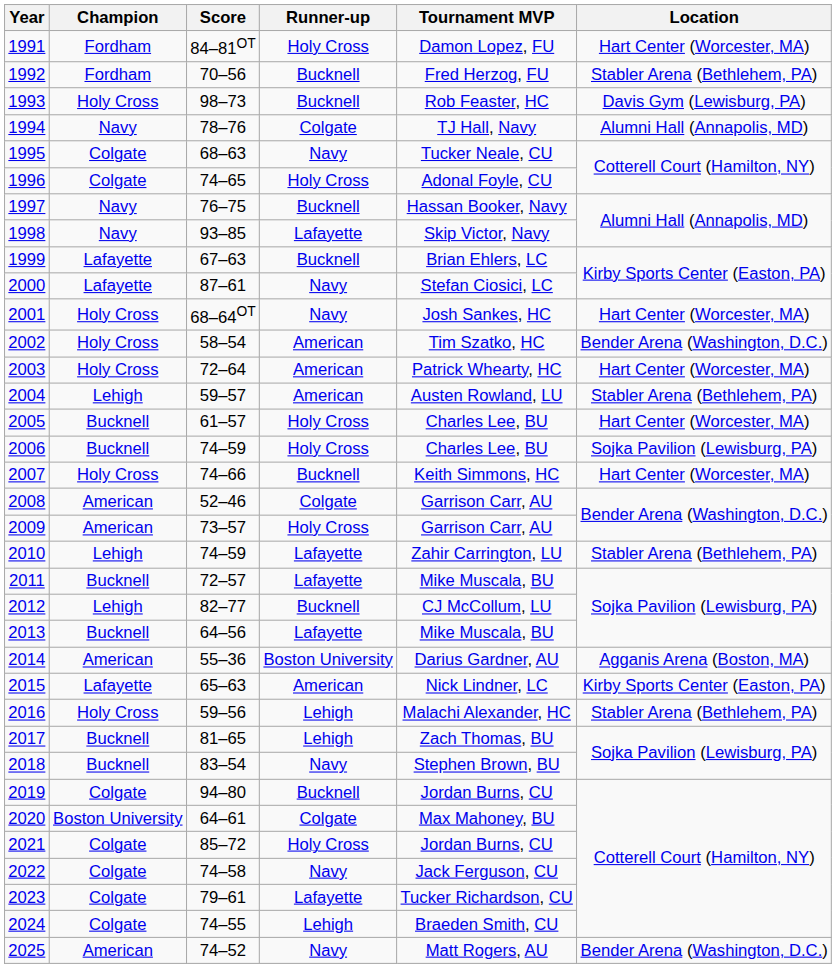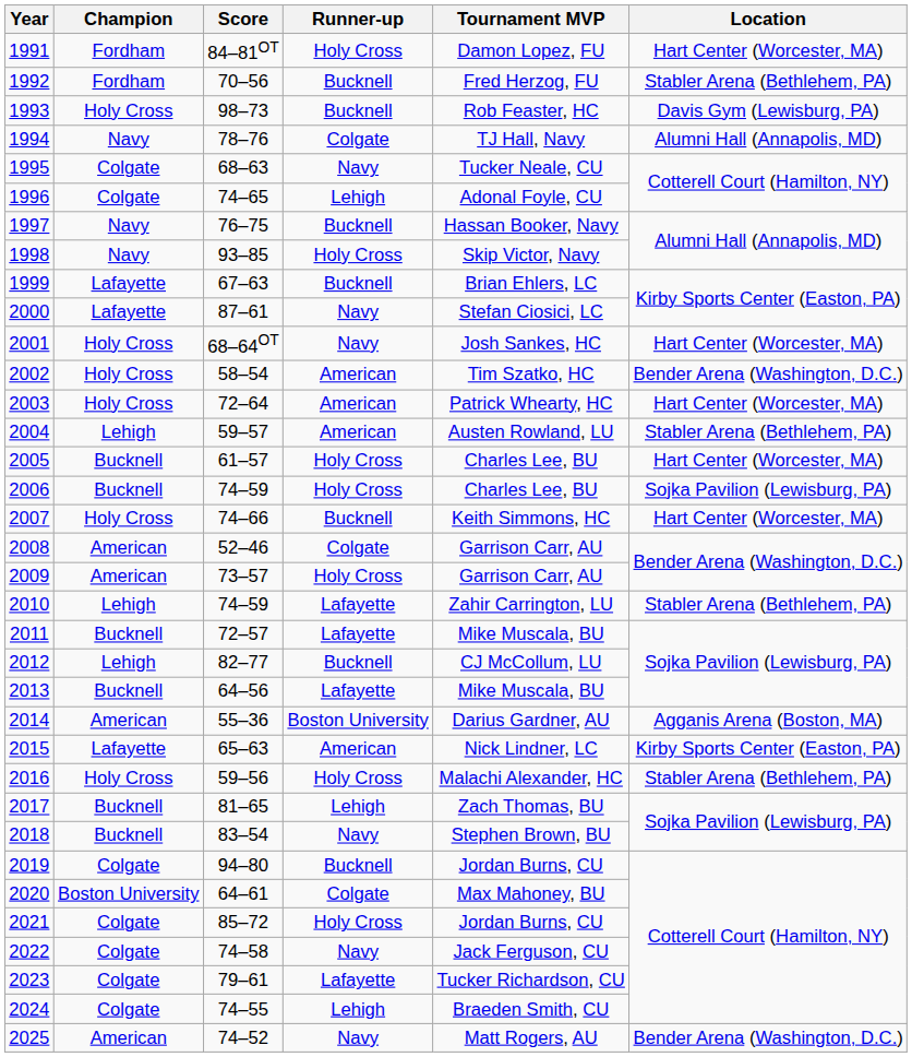 <table class="wikitable sortable" style="text-align:center">
 <tr>
 <th width=px>Year</th>
 <th width=px>Champion</th>
 <th width=px>Score</th>
 <th width=px>Runner-up</th>
 <th width=px>Tournament MVP</th>
 <th width=px>Location</th>
 </tr>
 <tr>
 <td><a href='#'>1991</a></td>
 <td><a href='#'>Fordham</a></td>
 <td>84–81<sup>OT</sup></td>
 <td><a href='#'>Holy Cross</a></td>
 <td><a href='#'>Damon Lopez</a>, <a href='#'>FU</a></td>
 <td><a href='#'>Hart Center</a> (<a href='#'>Worcester, MA</a>)</td>
 </tr>
 <tr>
 <td><a href='#'>1992</a></td>
 <td><a href='#'>Fordham</a></td>
 <td>70–56</td>
 <td><a href='#'>Bucknell</a></td>
 <td><a href='#'>Fred Herzog</a>, <a href='#'>FU</a></td>
 <td><a href='#'>Stabler Arena</a> (<a href='#'>Bethlehem, PA</a>)</td>
 </tr>
 <tr>
 <td><a href='#'>1993</a></td>
 <td><a href='#'>Holy Cross</a></td>
 <td>98–73</td>
 <td><a href='#'>Bucknell</a></td>
 <td><a href='#'>Rob Feaster</a>, <a href='#'>HC</a></td>
 <td><a href='#'>Davis Gym</a> (<a href='#'>Lewisburg, PA</a>)</td>
 </tr>
 <tr>
 <td><a href='#'>1994</a></td>
 <td><a href='#'>Navy</a></td>
 <td>78–76</td>
 <td><a href='#'>Colgate</a></td>
 <td><a href='#'>TJ Hall</a>, <a href='#'>Navy</a></td>
 <td><a href='#'>Alumni Hall</a> (<a href='#'>Annapolis, MD</a>)</td>
 </tr>
 <tr>
 <td><a href='#'>1995</a></td>
 <td><a href='#'>Colgate</a></td>
 <td>68–63</td>
 <td><a href='#'>Navy</a></td>
 <td><a href='#'>Tucker Neale</a>, <a href='#'>CU</a></td>
 <td rowspan=2><a href='#'>Cotterell Court</a> (<a href='#'>Hamilton, NY</a>)</td>
 </tr>
 <tr>
 <td><a href='#'>1996</a></td>
 <td><a href='#'>Colgate</a></td>
 <td>74–65</td>
-<td><a href='#'>Holy Cross</a></td>
+<td><a href='#'>Lehigh</a></td>
 <td><a href='#'>Adonal Foyle</a>, <a href='#'>CU</a></td>
 </tr>
 <tr>
 <td><a href='#'>1997</a></td>
 <td><a href='#'>Navy</a></td>
 <td>76–75</td>
 <td><a href='#'>Bucknell</a></td>
 <td><a href='#'>Hassan Booker</a>, <a href='#'>Navy</a></td>
 <td rowspan=2><a href='#'>Alumni Hall</a> (<a href='#'>Annapolis, MD</a>)</td>
 </tr>
 <tr>
 <td><a href='#'>1998</a></td>
 <td><a href='#'>Navy</a></td>
 <td>93–85</td>
-<td><a href='#'>Lafayette</a></td>
+<td><a href='#'>Holy Cross</a></td>
 <td><a href='#'>Skip Victor</a>, <a href='#'>Navy</a></td>
 </tr>
 <tr>
 <td><a href='#'>1999</a></td>
 <td><a href='#'>Lafayette</a></td>
 <td>67–63</td>
 <td><a href='#'>Bucknell</a></td>
 <td><a href='#'>Brian Ehlers</a>, <a href='#'>LC</a></td>
 <td rowspan=2><a href='#'>Kirby Sports Center</a> (<a href='#'>Easton, PA</a>)</td>
 </tr>
 <tr>
 <td><a href='#'>2000</a></td>
 <td><a href='#'>Lafayette</a></td>
 <td>87–61</td>
 <td><a href='#'>Navy</a></td>
 <td><a href='#'>Stefan Ciosici</a>, <a href='#'>LC</a></td>
 </tr>
 <tr>
 <td><a href='#'>2001</a></td>
 <td><a href='#'>Holy Cross</a></td>
 <td>68–64<sup>OT</sup></td>
 <td><a href='#'>Navy</a></td>
 <td><a href='#'>Josh Sankes</a>, <a href='#'>HC</a></td>
 <td><a href='#'>Hart Center</a> (<a href='#'>Worcester, MA</a>)</td>
 </tr>
 <tr>
 <td><a href='#'>2002</a></td>
 <td><a href='#'>Holy Cross</a></td>
 <td>58–54</td>
 <td><a href='#'>American</a></td>
 <td><a href='#'>Tim Szatko</a>, <a href='#'>HC</a></td>
 <td><a href='#'>Bender Arena</a> (<a href='#'>Washington, D.C.</a>)</td>
 </tr>
 <tr>
 <td><a href='#'>2003</a></td>
 <td><a href='#'>Holy Cross</a></td>
 <td>72–64</td>
 <td><a href='#'>American</a></td>
 <td><a href='#'>Patrick Whearty</a>, <a href='#'>HC</a></td>
 <td><a href='#'>Hart Center</a> (<a href='#'>Worcester, MA</a>)</td>
 </tr>
 <tr>
 <td><a href='#'>2004</a></td>
 <td><a href='#'>Lehigh</a></td>
 <td>59–57</td>
 <td><a href='#'>American</a></td>
 <td><a href='#'>Austen Rowland</a>, <a href='#'>LU</a></td>
 <td><a href='#'>Stabler Arena</a> (<a href='#'>Bethlehem, PA</a>)</td>
 </tr>
 <tr>
 <td><a href='#'>2005</a></td>
 <td><a href='#'>Bucknell</a></td>
 <td>61–57</td>
 <td><a href='#'>Holy Cross</a></td>
 <td><a href='#'>Charles Lee</a>, <a href='#'>BU</a></td>
 <td><a href='#'>Hart Center</a> (<a href='#'>Worcester, MA</a>)</td>
 </tr>
 <tr>
 <td><a href='#'>2006</a></td>
 <td><a href='#'>Bucknell</a></td>
 <td>74–59</td>
 <td><a href='#'>Holy Cross</a></td>
 <td><a href='#'>Charles Lee</a>, <a href='#'>BU</a></td>
 <td><a href='#'>Sojka Pavilion</a> (<a href='#'>Lewisburg, PA</a>)</td>
 </tr>
 <tr>
 <td><a href='#'>2007</a></td>
 <td><a href='#'>Holy Cross</a></td>
 <td>74–66</td>
 <td><a href='#'>Bucknell</a></td>
 <td><a href='#'>Keith Simmons</a>, <a href='#'>HC</a></td>
 <td><a href='#'>Hart Center</a> (<a href='#'>Worcester, MA</a>)</td>
 </tr>
 <tr>
 <td><a href='#'>2008</a></td>
 <td><a href='#'>American</a></td>
 <td>52–46</td>
 <td><a href='#'>Colgate</a></td>
 <td><a href='#'>Garrison Carr</a>, <a href='#'>AU</a></td>
 <td rowspan=2><a href='#'>Bender Arena</a> (<a href='#'>Washington, D.C.</a>)</td>
 </tr>
 <tr>
 <td><a href='#'>2009</a></td>
 <td><a href='#'>American</a></td>
 <td>73–57</td>
 <td><a href='#'>Holy Cross</a></td>
 <td><a href='#'>Garrison Carr</a>, <a href='#'>AU</a></td>
 </tr>
 <tr>
 <td><a href='#'>2010</a></td>
 <td><a href='#'>Lehigh</a></td>
 <td>74–59</td>
 <td><a href='#'>Lafayette</a></td>
 <td><a href='#'>Zahir Carrington</a>, <a href='#'>LU</a></td>
 <td><a href='#'>Stabler Arena</a> (<a href='#'>Bethlehem, PA</a>)</td>
 </tr>
 <tr>
 <td><a href='#'>2011</a></td>
 <td><a href='#'>Bucknell</a></td>
 <td>72–57</td>
 <td><a href='#'>Lafayette</a></td>
 <td><a href='#'>Mike Muscala</a>, <a href='#'>BU</a></td>
 <td rowspan=3><a href='#'>Sojka Pavilion</a> (<a href='#'>Lewisburg, PA</a>)</td>
 </tr>
 <tr>
 <td><a href='#'>2012</a></td>
 <td><a href='#'>Lehigh</a></td>
 <td>82–77</td>
 <td><a href='#'>Bucknell</a></td>
 <td><a href='#'>CJ McCollum</a>, <a href='#'>LU</a></td>
 </tr>
 <tr>
 <td><a href='#'>2013</a></td>
 <td><a href='#'>Bucknell</a></td>
 <td>64–56</td>
 <td><a href='#'>Lafayette</a></td>
 <td><a href='#'>Mike Muscala</a>, <a href='#'>BU</a></td>
 </tr>
 <tr>
 <td><a href='#'>2014</a></td>
 <td><a href='#'>American</a></td>
 <td>55–36</td>
 <td><a href='#'>Boston University</a></td>
 <td><a href='#'>Darius Gardner</a>, <a href='#'>AU</a></td>
 <td><a href='#'>Agganis Arena</a> (<a href='#'>Boston, MA</a>)</td>
 </tr>
 <tr>
 <td><a href='#'>2015</a></td>
 <td><a href='#'>Lafayette</a></td>
 <td>65–63</td>
 <td><a href='#'>American</a></td>
 <td><a href='#'>Nick Lindner</a>, <a href='#'>LC</a></td>
 <td><a href='#'>Kirby Sports Center</a> (<a href='#'>Easton, PA</a>)</td>
 </tr>
 <tr>
 <td><a href='#'>2016</a></td>
 <td><a href='#'>Holy Cross</a></td>
 <td>59–56</td>
-<td><a href='#'>Lehigh</a></td>
+<td><a href='#'>Holy Cross</a></td>
 <td><a href='#'>Malachi Alexander</a>, <a href='#'>HC</a></td>
 <td><a href='#'>Stabler Arena</a> (<a href='#'>Bethlehem, PA</a>)</td>
 </tr>
 <tr>
 <td><a href='#'>2017</a></td>
 <td><a href='#'>Bucknell</a></td>
 <td>81–65</td>
 <td><a href='#'>Lehigh</a></td>
 <td><a href='#'>Zach Thomas</a>, <a href='#'>BU</a></td>
 <td rowspan=2><a href='#'>Sojka Pavilion</a> (<a href='#'>Lewisburg, PA</a>)</td>
 </tr>
 <tr>
 <td><a href='#'>2018</a></td>
 <td><a href='#'>Bucknell</a></td>
 <td>83–54</td>
 <td><a href='#'>Navy</a></td>
 <td><a href='#'>Stephen Brown</a>, <a href='#'>BU</a></td>
 </tr>
 <tr>
 <td><a href='#'>2019</a></td>
 <td><a href='#'>Colgate</a></td>
 <td>94–80</td>
 <td><a href='#'>Bucknell</a></td>
 <td><a href='#'>Jordan Burns</a>, <a href='#'>CU</a></td>
 <td rowspan=6><a href='#'>Cotterell Court</a> (<a href='#'>Hamilton, NY</a>)</td>
 </tr>
 <tr>
 <td><a href='#'>2020</a></td>
 <td><a href='#'>Boston University</a></td>
 <td>64–61</td>
 <td><a href='#'>Colgate</a></td>
 <td><a href='#'>Max Mahoney</a>, <a href='#'>BU</a></td>
 </tr>
 <tr>
 <td><a href='#'>2021</a></td>
 <td><a href='#'>Colgate</a></td>
 <td>85–72</td>
 <td><a href='#'>Holy Cross</a></td>
 <td><a href='#'>Jordan Burns</a>, <a href='#'>CU</a></td>
 </tr>
 <tr>
 <td><a href='#'>2022</a></td>
 <td><a href='#'>Colgate</a></td>
 <td>74–58</td>
 <td><a href='#'>Navy</a></td>
 <td><a href='#'>Jack Ferguson</a>, <a href='#'>CU</a></td>
 </tr>
 <tr>
 <td><a href='#'>2023</a></td>
 <td><a href='#'>Colgate</a></td>
 <td>79–61</td>
 <td><a href='#'>Lafayette</a></td>
 <td><a href='#'>Tucker Richardson</a>, <a href='#'>CU</a></td>
 </tr>
 <tr>
 <td><a href='#'>2024</a></td>
 <td><a href='#'>Colgate</a></td>
 <td>74–55</td>
 <td><a href='#'>Lehigh</a></td>
 <td><a href='#'>Braeden Smith</a>, <a href='#'>CU</a></td>
 </tr>
 <tr>
 <td><a href='#'>2025</a></td>
 <td><a href='#'>American</a></td>
 <td>74–52</td>
 <td><a href='#'>Navy</a></td>
 <td><a href='#'>Matt Rogers</a>, <a href='#'>AU</a></td>
 <td><a href='#'>Bender Arena</a> (<a href='#'>Washington, D.C.</a>)</td>
 </tr>
 </table>
